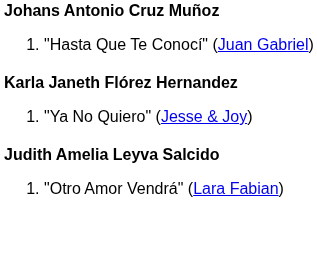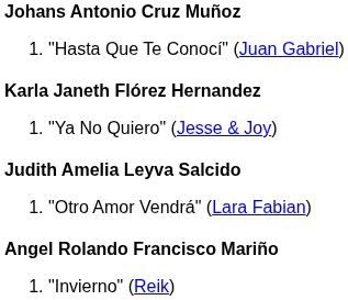 <table border="0" cellpadding="0" cellspacing="4" style="margin:0 1em 1em 0; text-align:left;">
 <tr>
 <td valign="top"></td>
 <td valign="top"><strong>Johans Antonio Cruz Muñoz</strong><br><ol><li>"Hasta Que Te Conocí" (<a href='#'>Juan Gabriel</a>)</li></ol></td>
 </tr>
 <tr>
 <td valign="top"></td>
 <td valign="top"><strong>Karla Janeth Flórez Hernandez</strong><br><ol><li>"Ya No Quiero" (<a href='#'>Jesse & Joy</a>)</li></ol></td>
 </tr>
 <tr>
 <td valign="top"></td>
 <td valign="top"><strong>Judith Amelia Leyva Salcido</strong><br><ol><li>"Otro Amor Vendrá" (<a href='#'>Lara Fabian</a>)</li></ol></td>
 </tr>
+<tr>
+<td valign="top"></td>
+<td valign="top"><strong>Angel Rolando Francisco Mariño</strong><br><ol><li>"Invierno" (<a href='#'>Reik</a>)</li></ol></td>
+</tr>
 </table>
